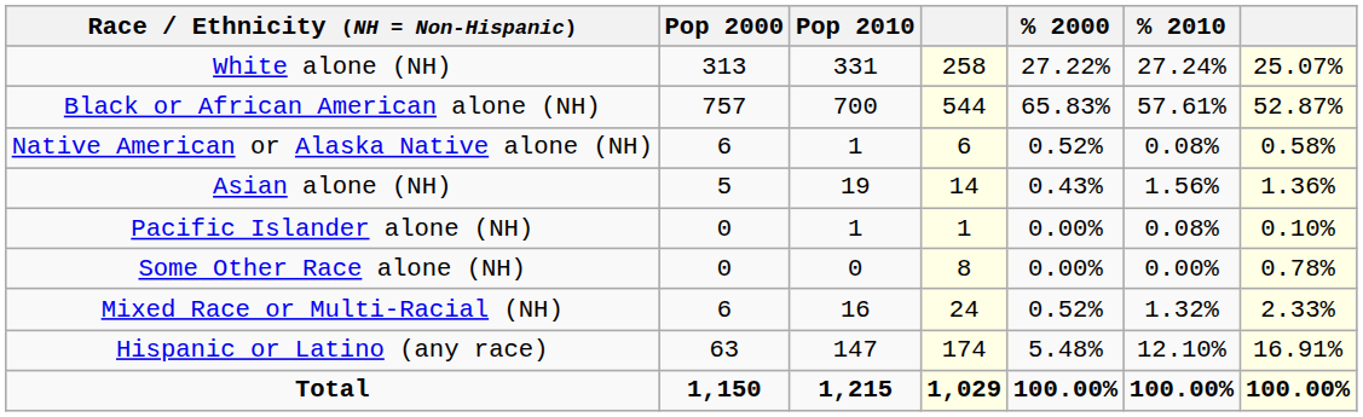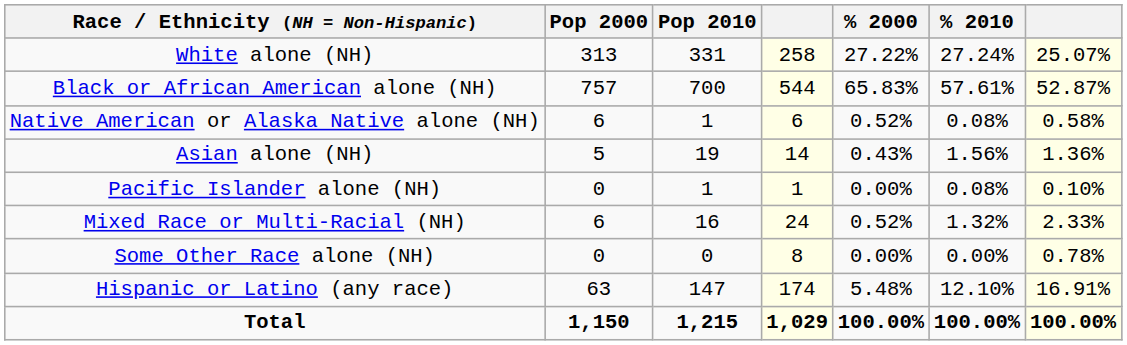 <table class="wikitable"  style="text-align:center;">
 <tr>
 <th>Race / Ethnicity <small>(<em>NH = Non-Hispanic</em>)</small></th>
 <th>Pop 2000</th>
 <th>Pop 2010</th>
 <th></th>
 <th>% 2000</th>
 <th>% 2010</th>
 <th></th>
 </tr>
 <tr>
 <td><a href='#'>White</a> alone (NH)</td>
 <td>313</td>
 <td>331</td>
 <td style='background: #ffffe6;'>258</td>
 <td>27.22%</td>
 <td>27.24%</td>
 <td style='background: #ffffe6;'>25.07%</td>
 </tr>
 <tr>
 <td><a href='#'>Black or African American</a> alone (NH)</td>
 <td>757</td>
 <td>700</td>
 <td style='background: #ffffe6;'>544</td>
 <td>65.83%</td>
 <td>57.61%</td>
 <td style='background: #ffffe6;'>52.87%</td>
 </tr>
 <tr>
 <td><a href='#'>Native American</a> or <a href='#'>Alaska Native</a> alone (NH)</td>
 <td>6</td>
 <td>1</td>
 <td style='background: #ffffe6;'>6</td>
 <td>0.52%</td>
 <td>0.08%</td>
 <td style='background: #ffffe6;'>0.58%</td>
 </tr>
 <tr>
 <td><a href='#'>Asian</a> alone (NH)</td>
 <td>5</td>
 <td>19</td>
 <td style='background: #ffffe6;'>14</td>
 <td>0.43%</td>
 <td>1.56%</td>
 <td style='background: #ffffe6;'>1.36%</td>
 </tr>
 <tr>
 <td><a href='#'>Pacific Islander</a> alone (NH)</td>
 <td>0</td>
 <td>1</td>
 <td style='background: #ffffe6;'>1</td>
 <td>0.00%</td>
 <td>0.08%</td>
 <td style='background: #ffffe6;'>0.10%</td>
 </tr>
 <tr>
+<td><a href='#'>Mixed Race or Multi-Racial</a> (NH)</td>
+<td>6</td>
+<td>16</td>
+<td style='background: #ffffe6;'>24</td>
+<td>0.52%</td>
+<td>1.32%</td>
+<td style='background: #ffffe6;'>2.33%</td>
+</tr>
+<tr>
 <td><a href='#'>Some Other Race</a> alone (NH)</td>
 <td>0</td>
 <td>0</td>
 <td style='background: #ffffe6;'>8</td>
 <td>0.00%</td>
 <td>0.00%</td>
 <td style='background: #ffffe6;'>0.78%</td>
-</tr>
-<tr>
-<td><a href='#'>Mixed Race or Multi-Racial</a> (NH)</td>
-<td>6</td>
-<td>16</td>
-<td style='background: #ffffe6;'>24</td>
-<td>0.52%</td>
-<td>1.32%</td>
-<td style='background: #ffffe6;'>2.33%</td>
 </tr>
 <tr>
 <td><a href='#'>Hispanic or Latino</a> (any race)</td>
 <td>63</td>
 <td>147</td>
 <td style='background: #ffffe6;'>174</td>
 <td>5.48%</td>
 <td>12.10%</td>
 <td style='background: #ffffe6;'>16.91%</td>
 </tr>
 <tr>
 <td><strong>Total</strong></td>
 <td><strong>1,150</strong></td>
 <td><strong>1,215</strong></td>
 <td style='background: #ffffe6;'><strong>1,029</strong></td>
 <td><strong>100.00%</strong></td>
 <td><strong>100.00%</strong></td>
 <td style='background: #ffffe6;'><strong>100.00%</strong></td>
 </tr>
 </table>
